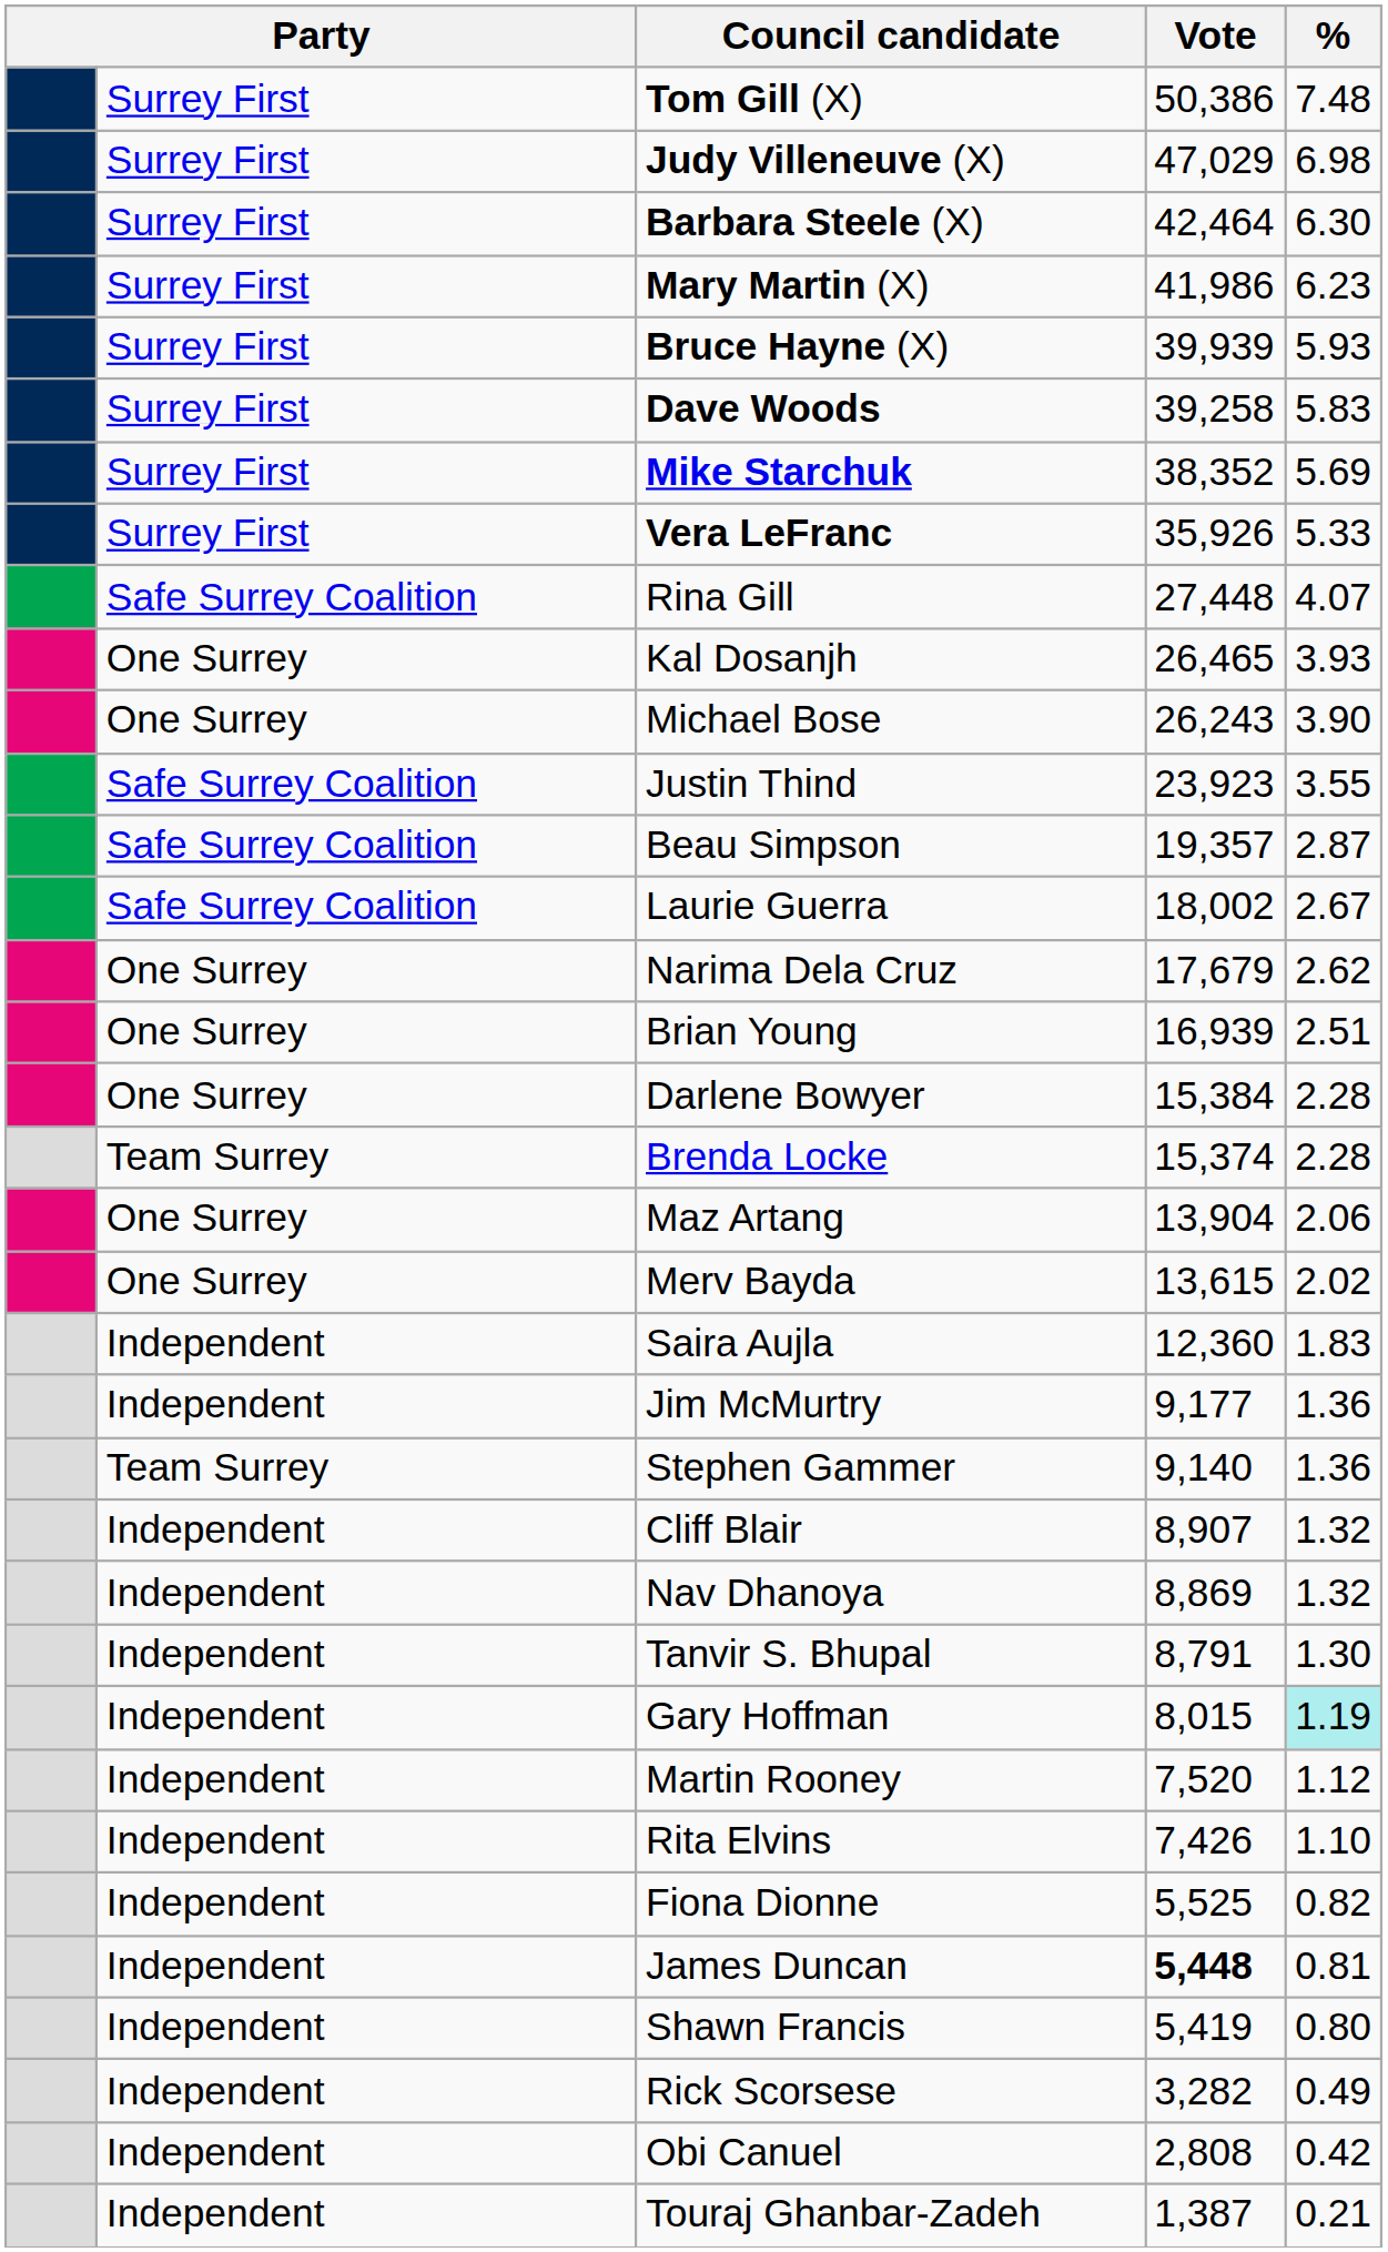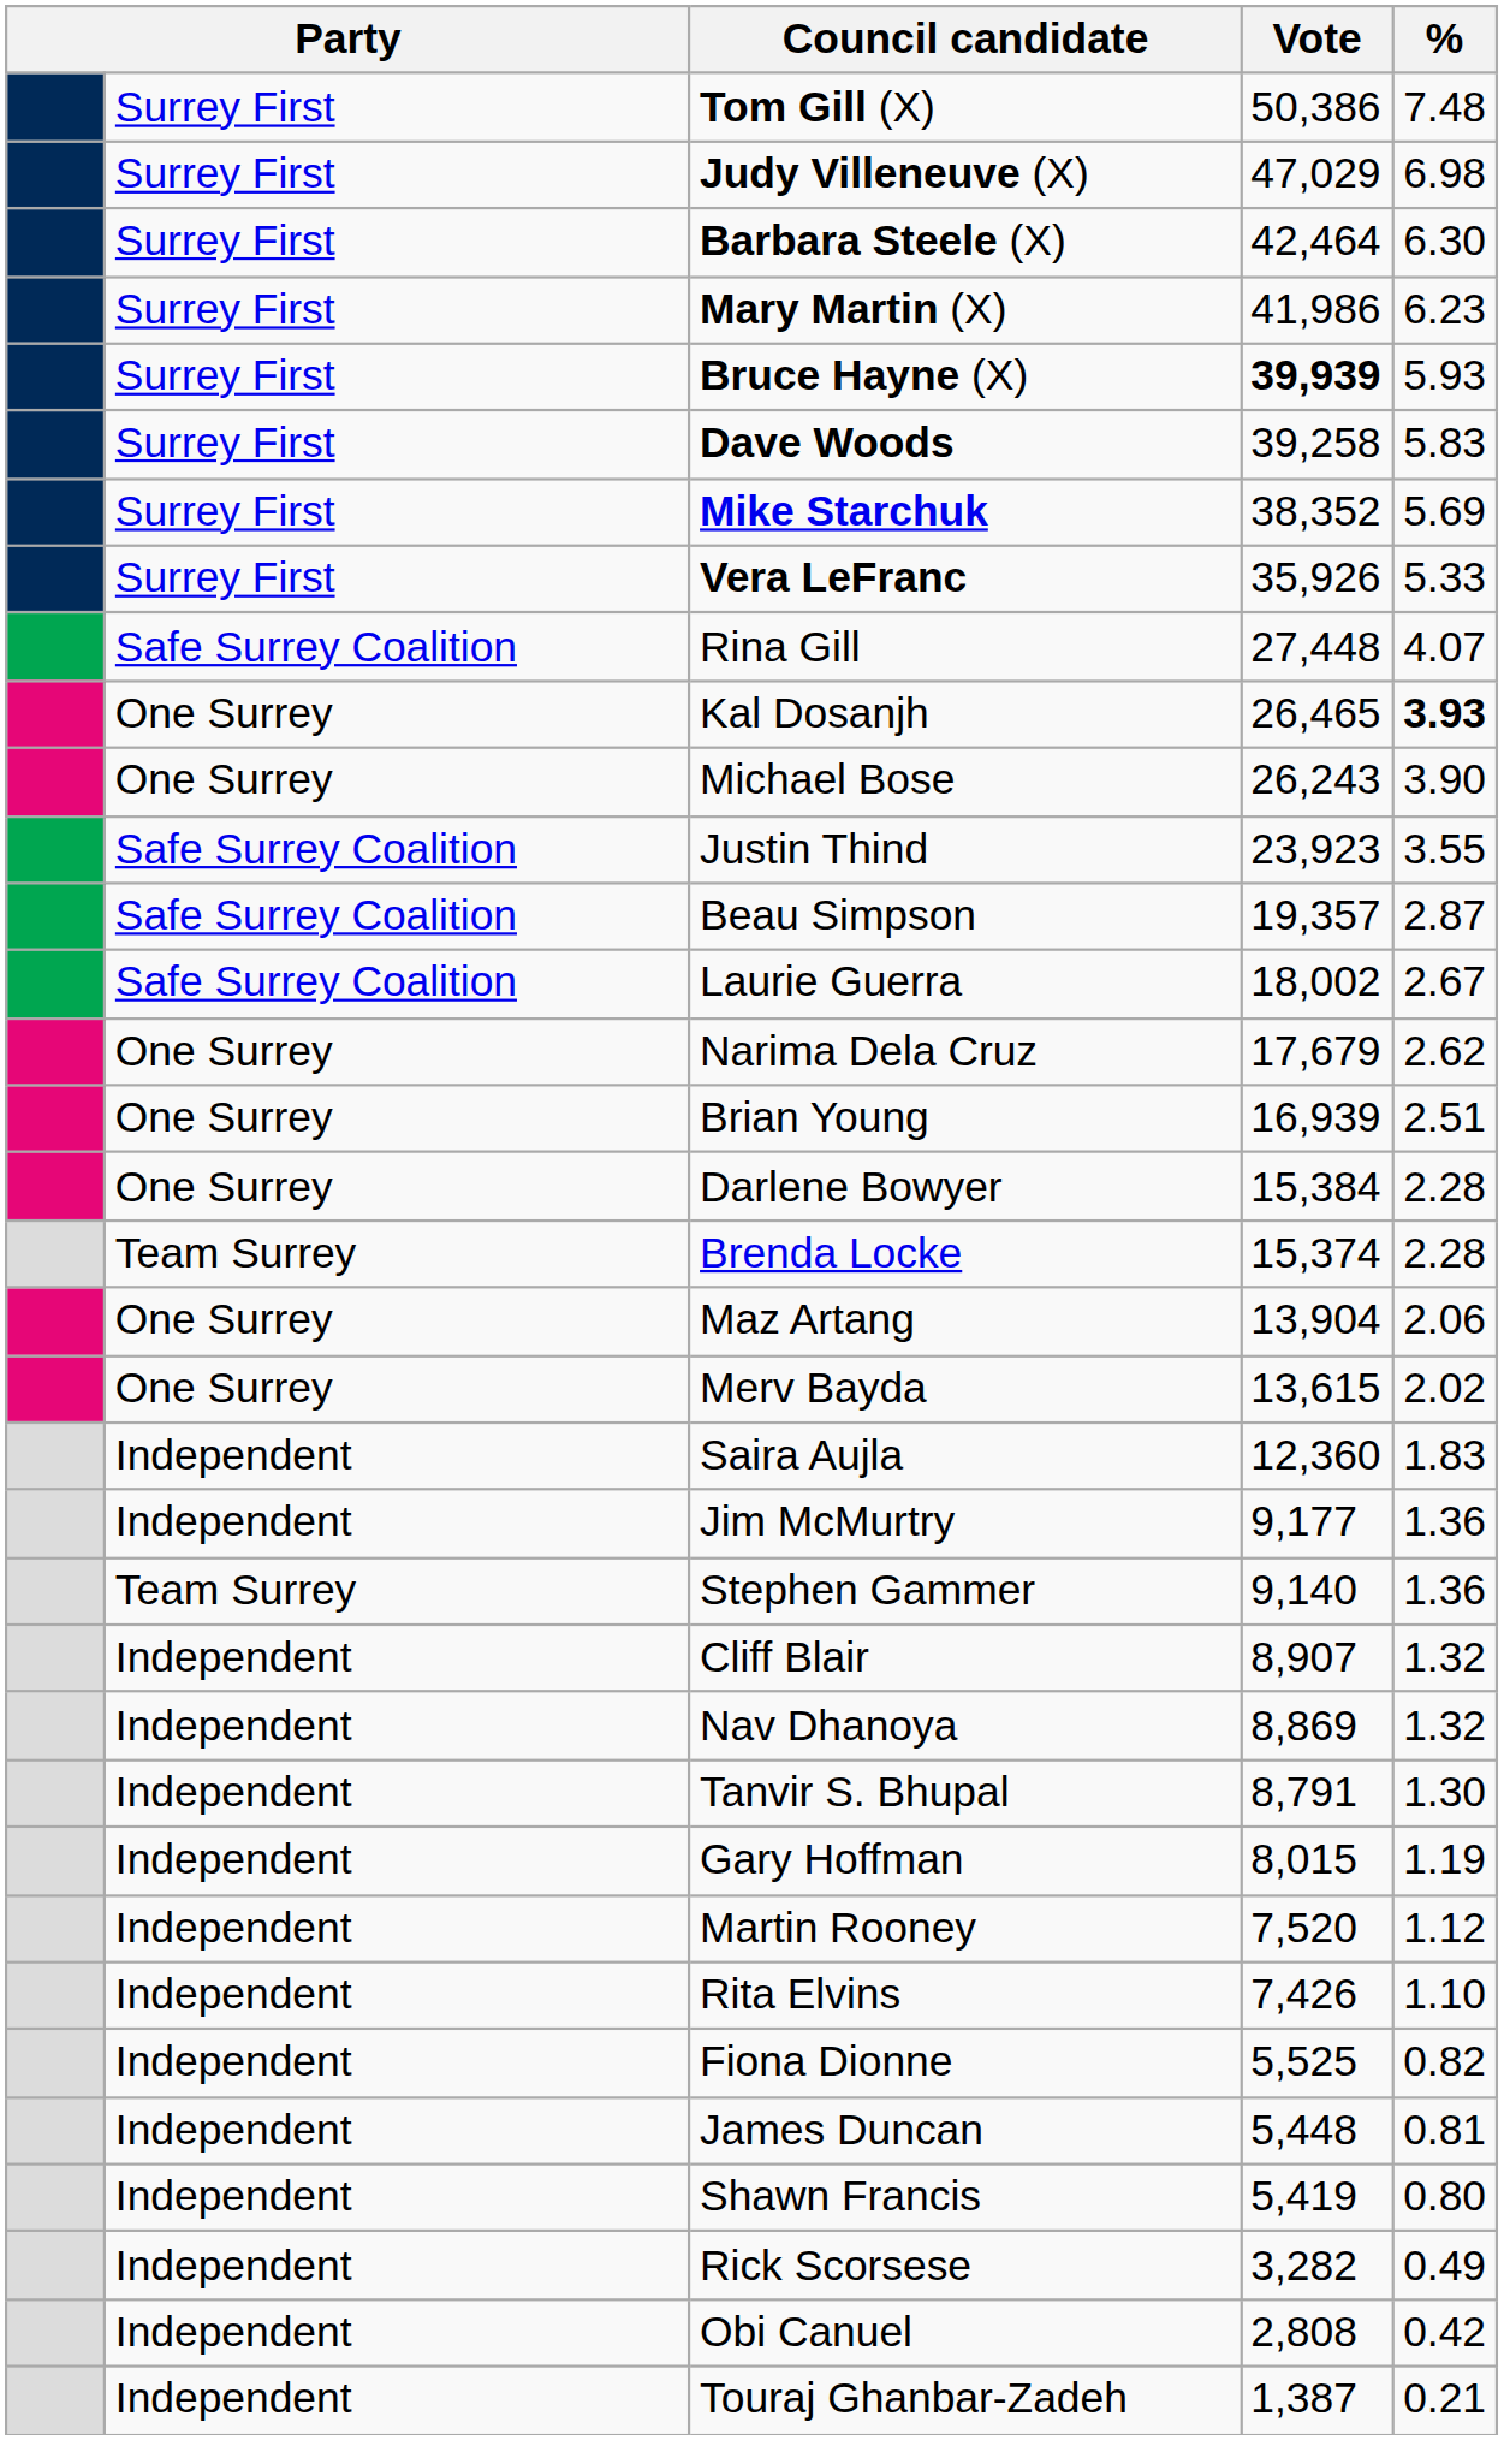 <table class="wikitable">
 <tr>
 <th bgcolor="#DDDDFF" width="250px" colspan="2">Party</th>
 <th bgcolor="#DDDDFF" width="200px">Council candidate</th>
 <th bgcolor="#DDDDFF" width="50px">Vote</th>
 <th bgcolor="#DDDDFF" width="30px">%</th>
 </tr>
 <tr>
 <td style="background:#002957;" width="30px"> </td>
 <td><a href='#'>Surrey First</a></td>
 <td><strong>Tom Gill</strong> (X)</td>
 <td>50,386</td>
 <td>7.48</td>
 </tr>
 <tr>
 <td style="background:#002957;" width="30px"> </td>
 <td><a href='#'>Surrey First</a></td>
 <td><strong>Judy Villeneuve</strong> (X)</td>
 <td>47,029</td>
 <td>6.98</td>
 </tr>
 <tr>
 <td style="background:#002957;" width="30px"> </td>
 <td><a href='#'>Surrey First</a></td>
 <td><strong>Barbara Steele</strong> (X)</td>
 <td>42,464</td>
 <td>6.30</td>
 </tr>
 <tr>
 <td style="background:#002957;" width="30px"> </td>
 <td><a href='#'>Surrey First</a></td>
 <td><strong>Mary Martin</strong> (X)</td>
 <td>41,986</td>
 <td>6.23</td>
 </tr>
 <tr>
 <td style="background:#002957;" width="30px"> </td>
 <td><a href='#'>Surrey First</a></td>
 <td><strong>Bruce Hayne</strong> (X)</td>
-<td>39,939</td>
+<td><strong>39,939</strong></td>
 <td>5.93</td>
 </tr>
 <tr>
 <td style="background:#002957;" width="30px"> </td>
 <td><a href='#'>Surrey First</a></td>
 <td><strong>Dave Woods</strong></td>
 <td>39,258</td>
 <td>5.83</td>
 </tr>
 <tr>
 <td style="background:#002957;" width="30px"> </td>
 <td><a href='#'>Surrey First</a></td>
 <td><strong><a href='#'>Mike Starchuk</a></strong></td>
 <td>38,352</td>
 <td>5.69</td>
 </tr>
 <tr>
 <td style="background:#002957;" width="30px"> </td>
 <td><a href='#'>Surrey First</a></td>
 <td><strong>Vera LeFranc</strong></td>
 <td>35,926</td>
 <td>5.33</td>
 </tr>
 <tr>
 <td style="background:#00A650;" width="30px"> </td>
 <td><a href='#'>Safe Surrey Coalition</a></td>
 <td>Rina Gill</td>
 <td>27,448</td>
 <td>4.07</td>
 </tr>
 <tr>
 <td style="background:#E60677;" width="30px"> </td>
 <td>One Surrey</td>
 <td>Kal Dosanjh</td>
 <td>26,465</td>
-<td>3.93</td>
+<td><strong>3.93</strong></td>
 </tr>
 <tr>
 <td style="background:#E60677;" width="30px"> </td>
 <td>One Surrey</td>
 <td>Michael Bose</td>
 <td>26,243</td>
 <td>3.90</td>
 </tr>
 <tr>
 <td style="background:#00A650;" width="30px"> </td>
 <td><a href='#'>Safe Surrey Coalition</a></td>
 <td>Justin Thind</td>
 <td>23,923</td>
 <td>3.55</td>
 </tr>
 <tr>
 <td style="background:#00A650;" width="30px"> </td>
 <td><a href='#'>Safe Surrey Coalition</a></td>
 <td>Beau Simpson</td>
 <td>19,357</td>
 <td>2.87</td>
 </tr>
 <tr>
 <td style="background:#00A650;" width="30px"> </td>
 <td><a href='#'>Safe Surrey Coalition</a></td>
 <td>Laurie Guerra</td>
 <td>18,002</td>
 <td>2.67</td>
 </tr>
 <tr>
 <td style="background:#E60677;" width="30px"> </td>
 <td>One Surrey</td>
 <td>Narima Dela Cruz</td>
 <td>17,679</td>
 <td>2.62</td>
 </tr>
 <tr>
 <td style="background:#E60677;" width="30px"> </td>
 <td>One Surrey</td>
 <td>Brian Young</td>
 <td>16,939</td>
 <td>2.51</td>
 </tr>
 <tr>
 <td style="background:#E60677;" width="30px"> </td>
 <td>One Surrey</td>
 <td>Darlene Bowyer</td>
 <td>15,384</td>
 <td>2.28</td>
 </tr>
 <tr>
 <td style="background:gainsboro" width="30px"> </td>
 <td>Team Surrey</td>
 <td><a href='#'>Brenda Locke</a></td>
 <td>15,374</td>
 <td>2.28</td>
 </tr>
 <tr>
 <td style="background:#E60677;" width="30px"> </td>
 <td>One Surrey</td>
 <td>Maz Artang</td>
 <td>13,904</td>
 <td>2.06</td>
 </tr>
 <tr>
 <td style="background:#E60677;" width="30px"> </td>
 <td>One Surrey</td>
 <td>Merv Bayda</td>
 <td>13,615</td>
 <td>2.02</td>
 </tr>
 <tr>
 <td style="background:gainsboro" width="30px"> </td>
 <td>Independent</td>
 <td>Saira Aujla</td>
 <td>12,360</td>
 <td>1.83</td>
 </tr>
 <tr>
 <td style="background:gainsboro" width="30px"> </td>
 <td>Independent</td>
 <td>Jim McMurtry</td>
 <td>9,177</td>
 <td>1.36</td>
 </tr>
 <tr>
 <td style="background:gainsboro" width="30px"> </td>
 <td>Team Surrey</td>
 <td>Stephen Gammer</td>
 <td>9,140</td>
 <td>1.36</td>
 </tr>
 <tr>
 <td style="background:gainsboro" width="30px"> </td>
 <td>Independent</td>
 <td>Cliff Blair</td>
 <td>8,907</td>
 <td>1.32</td>
 </tr>
 <tr>
 <td style="background:gainsboro" width="30px"> </td>
 <td>Independent</td>
 <td>Nav Dhanoya</td>
 <td>8,869</td>
 <td>1.32</td>
 </tr>
 <tr>
 <td style="background:gainsboro" width="30px"> </td>
 <td>Independent</td>
 <td>Tanvir S. Bhupal</td>
 <td>8,791</td>
 <td>1.30</td>
 </tr>
 <tr>
 <td style="background:gainsboro" width="30px"> </td>
 <td>Independent</td>
 <td>Gary Hoffman</td>
 <td>8,015</td>
-<td style="background: paleturquoise;">1.19</td>
+<td>1.19</td>
 </tr>
 <tr>
 <td style="background:gainsboro" width="30px"> </td>
 <td>Independent</td>
 <td>Martin Rooney</td>
 <td>7,520</td>
 <td>1.12</td>
 </tr>
 <tr>
 <td style="background:gainsboro" width="30px"> </td>
 <td>Independent</td>
 <td>Rita Elvins</td>
 <td>7,426</td>
 <td>1.10</td>
 </tr>
 <tr>
 <td style="background:gainsboro" width="30px"> </td>
 <td>Independent</td>
 <td>Fiona Dionne</td>
 <td>5,525</td>
 <td>0.82</td>
 </tr>
 <tr>
 <td style="background:gainsboro" width="30px"> </td>
 <td>Independent</td>
 <td>James Duncan</td>
-<td><strong>5,448</strong></td>
+<td>5,448</td>
 <td>0.81</td>
 </tr>
 <tr>
 <td style="background:gainsboro" width="30px"> </td>
 <td>Independent</td>
 <td>Shawn Francis</td>
 <td>5,419</td>
 <td>0.80</td>
 </tr>
 <tr>
 <td style="background:gainsboro" width="30px"> </td>
 <td>Independent</td>
 <td>Rick Scorsese</td>
 <td>3,282</td>
 <td>0.49</td>
 </tr>
 <tr>
 <td style="background:gainsboro" width="30px"> </td>
 <td>Independent</td>
 <td>Obi Canuel</td>
 <td>2,808</td>
 <td>0.42</td>
 </tr>
 <tr>
 <td style="background:gainsboro" width="30px"> </td>
 <td>Independent</td>
 <td>Touraj Ghanbar-Zadeh</td>
 <td>1,387</td>
 <td>0.21</td>
 </tr>
 </table>
